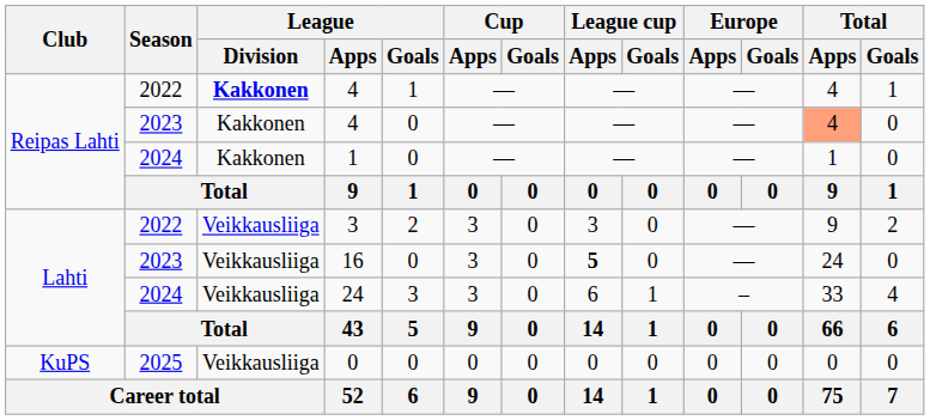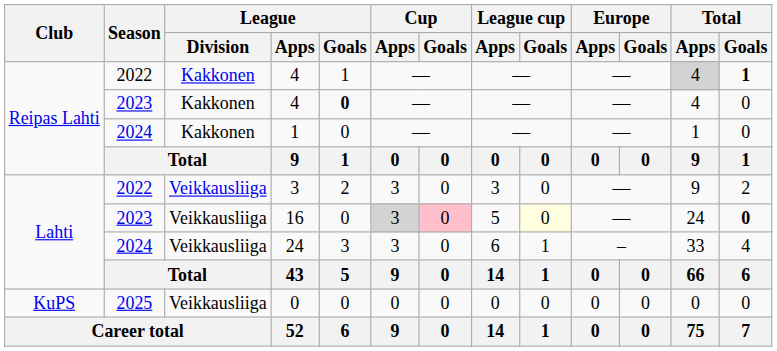 <table class="wikitable" style="text-align:center">
 <tr>
 <th rowspan="2">Club</th>
 <th rowspan="2">Season</th>
 <th colspan="3">League</th>
 <th colspan="2">Cup</th>
 <th colspan="2">League cup</th>
 <th colspan="2">Europe</th>
 <th colspan="2">Total</th>
 </tr>
 <tr>
 <th>Division</th>
 <th>Apps</th>
 <th>Goals</th>
 <th>Apps</th>
 <th>Goals</th>
 <th>Apps</th>
 <th>Goals</th>
 <th>Apps</th>
 <th>Goals</th>
 <th>Apps</th>
 <th>Goals</th>
 </tr>
 <tr>
 <td rowspan="4"><a href='#'>Reipas Lahti</a></td>
 <td>2022</td>
-<td><strong><a href='#'>Kakkonen</a></strong></td>
+<td><a href='#'>Kakkonen</a></td>
 <td>4</td>
 <td>1</td>
 <td colspan="2">—</td>
 <td colspan="2">—</td>
 <td colspan="2">—</td>
-<td>4</td>
-<td>1</td>
+<td style="background: lightgrey;">4</td>
+<td><strong>1</strong></td>
 </tr>
 <tr>
 <td><a href='#'>2023</a></td>
 <td>Kakkonen</td>
 <td>4</td>
-<td>0</td>
+<td><strong>0</strong></td>
 <td colspan="2">—</td>
 <td colspan="2">—</td>
 <td colspan="2">—</td>
-<td style="background: lightsalmon;">4</td>
+<td>4</td>
 <td>0</td>
 </tr>
 <tr>
 <td><a href='#'>2024</a></td>
 <td>Kakkonen</td>
 <td>1</td>
 <td>0</td>
 <td colspan="2">—</td>
 <td colspan="2">—</td>
 <td colspan="2">—</td>
 <td>1</td>
 <td>0</td>
 </tr>
 <tr>
 <th colspan="2">Total</th>
 <th>9</th>
 <th>1</th>
 <th>0</th>
 <th>0</th>
 <th>0</th>
 <th>0</th>
 <th>0</th>
 <th>0</th>
 <th>9</th>
 <th>1</th>
 </tr>
 <tr>
 <td rowspan="4"><a href='#'>Lahti</a></td>
 <td><a href='#'>2022</a></td>
 <td><a href='#'>Veikkausliiga</a></td>
 <td>3</td>
 <td>2</td>
 <td>3</td>
 <td>0</td>
 <td>3</td>
 <td>0</td>
 <td colspan="2">—</td>
 <td>9</td>
 <td>2</td>
 </tr>
 <tr>
 <td><a href='#'>2023</a></td>
 <td>Veikkausliiga</td>
 <td>16</td>
 <td>0</td>
-<td>3</td>
-<td>0</td>
-<td><strong>5</strong></td>
-<td>0</td>
+<td style="background: lightgrey;">3</td>
+<td style="background: pink;">0</td>
+<td>5</td>
+<td style="background: lightyellow;">0</td>
 <td colspan="2">—</td>
 <td>24</td>
-<td>0</td>
+<td><strong>0</strong></td>
 </tr>
 <tr>
 <td><a href='#'>2024</a></td>
 <td>Veikkausliiga</td>
 <td>24</td>
 <td>3</td>
 <td>3</td>
 <td>0</td>
 <td>6</td>
 <td>1</td>
 <td colspan="2">–</td>
 <td>33</td>
 <td>4</td>
 </tr>
 <tr>
 <th colspan="2">Total</th>
 <th>43</th>
 <th>5</th>
 <th>9</th>
 <th>0</th>
 <th>14</th>
 <th>1</th>
 <th>0</th>
 <th>0</th>
 <th>66</th>
 <th>6</th>
 </tr>
 <tr>
 <td><a href='#'>KuPS</a></td>
 <td><a href='#'>2025</a></td>
 <td>Veikkausliiga</td>
 <td>0</td>
 <td>0</td>
 <td>0</td>
 <td>0</td>
 <td>0</td>
 <td>0</td>
 <td>0</td>
 <td>0</td>
 <td>0</td>
 <td>0</td>
 </tr>
 <tr>
 <th colspan="3">Career total</th>
 <th>52</th>
 <th>6</th>
 <th>9</th>
 <th>0</th>
 <th>14</th>
 <th>1</th>
 <th>0</th>
 <th>0</th>
 <th>75</th>
 <th>7</th>
 </tr>
 </table>
